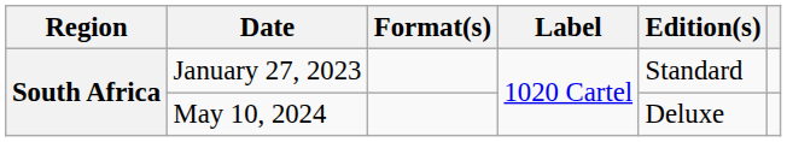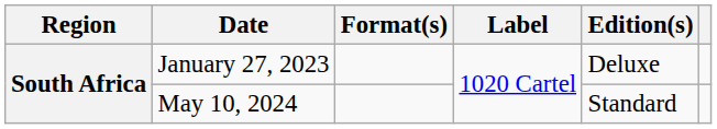 <table class="wikitable plainrowheaders">
 <tr>
 <th scope="col">Region</th>
 <th scope="col">Date</th>
 <th scope="col">Format(s)</th>
 <th scope="col">Label</th>
 <th scope="col">Edition(s)</th>
 <th scope="col"></th>
 </tr>
 <tr>
 <th scope="row" rowspan=2>South Africa</th>
 <td>January 27, 2023</td>
 <td></td>
 <td rowspan=2><a href='#'>1020 Cartel</a></td>
-<td>Standard</td>
+<td>Deluxe</td>
 <td style="text-align:center;"></td>
 </tr>
 <tr>
 <td>May 10, 2024</td>
 <td></td>
-<td>Deluxe</td>
+<td>Standard</td>
 <td style="text-align:center;"></td>
 </tr>
 </table>
